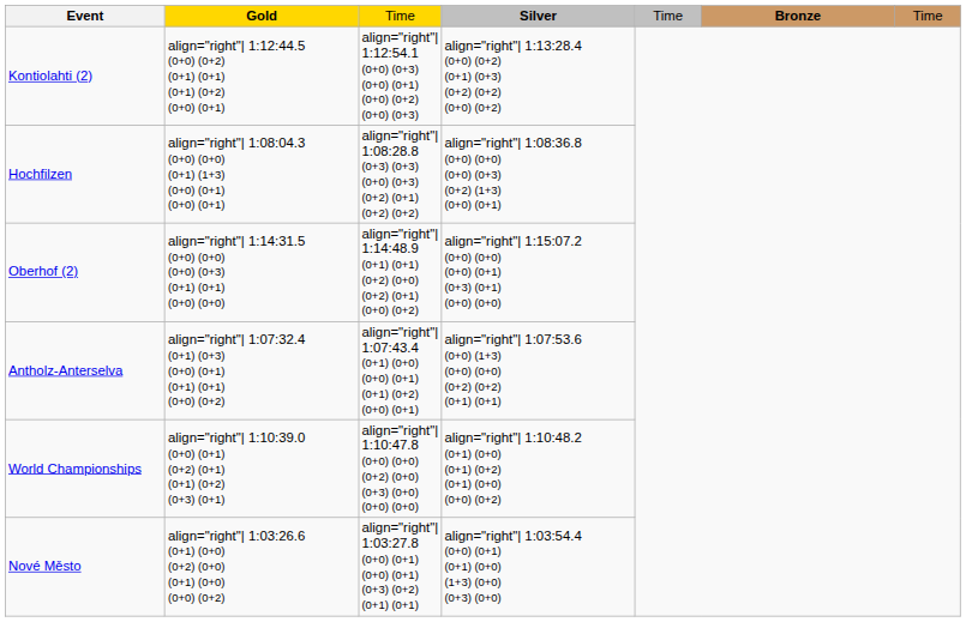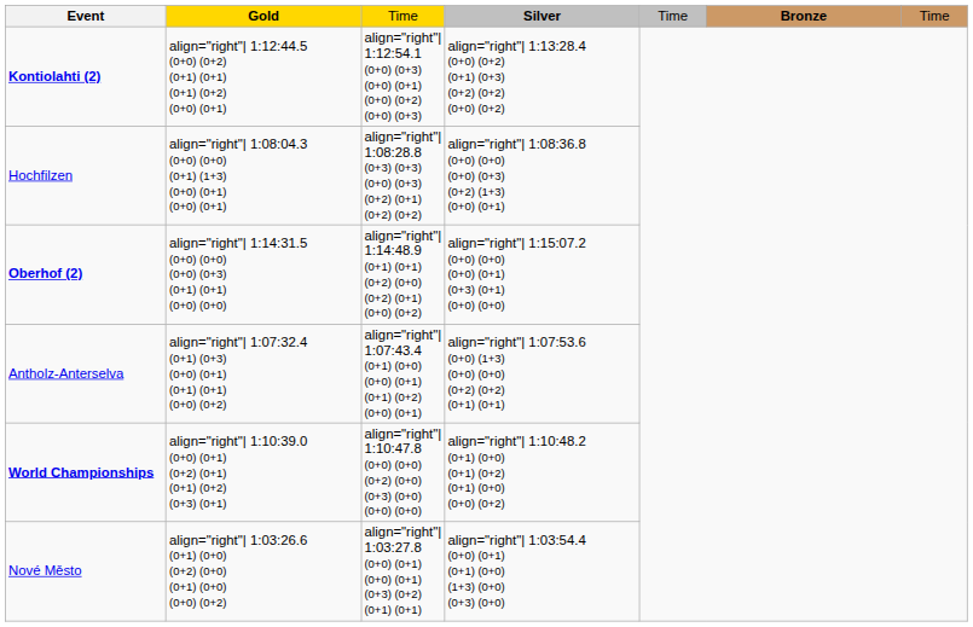 <table class="wikitable">
 <tr>
 <th width="180">Event</th>
 <th width="220" style="background:gold">Gold</th>
 <th width="70" style="background:gold;font-weight:normal">Time</th>
 <th width="220" style="background:silver">Silver</th>
 <th width="70" style="background:silver;font-weight:normal">Time</th>
 <th width="220" style="background:#CC9966">Bronze</th>
 <th width="70" style="background:#CC9966;font-weight:normal">Time</th>
 </tr>
 <tr>
-<td><a href='#'>Kontiolahti (2)</a><br></td>
+<td><strong><a href='#'>Kontiolahti (2)</a><br></strong></td>
 <td>align="right"| 1:12:44.5<small><br>(0+0) (0+2)<br>(0+1) (0+1)<br>(0+1) (0+2)<br>(0+0) (0+1)</small></td>
 <td>align="right"| 1:12:54.1<small><br>(0+0) (0+3)<br>(0+0) (0+1)<br>(0+0) (0+2)<br>(0+0) (0+3)</small></td>
 <td>align="right"| 1:13:28.4<small><br>(0+0) (0+2)<br>(0+1) (0+3)<br>(0+2) (0+2)<br>(0+0) (0+2)</small></td>
 </tr>
 <tr>
 <td><a href='#'>Hochfilzen</a><br></td>
 <td>align="right"| 1:08:04.3<small><br>(0+0) (0+0)<br>(0+1) (1+3)<br>(0+0) (0+1)<br>(0+0) (0+1)</small></td>
 <td>align="right"| 1:08:28.8<small><br>(0+3) (0+3)<br>(0+0) (0+3)<br>(0+2) (0+1)<br>(0+2) (0+2)</small></td>
 <td>align="right"| 1:08:36.8<small><br>(0+0) (0+0)<br>(0+0) (0+3)<br>(0+2) (1+3)<br>(0+0) (0+1)</small></td>
 </tr>
 <tr>
-<td><a href='#'>Oberhof (2)</a><br></td>
+<td><strong><a href='#'>Oberhof (2)</a><br></strong></td>
 <td>align="right"| 1:14:31.5<small><br>(0+0) (0+0)<br>(0+0) (0+3)<br>(0+1) (0+1)<br>(0+0) (0+0)</small></td>
 <td>align="right"| 1:14:48.9<small><br>(0+1) (0+1)<br>(0+2) (0+0)<br>(0+2) (0+1)<br>(0+0) (0+2)</small></td>
 <td>align="right"| 1:15:07.2<small><br>(0+0) (0+0)<br>(0+0) (0+1)<br>(0+3) (0+1)<br>(0+0) (0+0)</small></td>
 </tr>
 <tr>
 <td><a href='#'>Antholz-Anterselva</a><br></td>
 <td>align="right"| 1:07:32.4<small><br>(0+1) (0+3)<br>(0+0) (0+1)<br>(0+1) (0+1)<br>(0+0) (0+2)</small></td>
 <td>align="right"| 1:07:43.4<small><br>(0+1) (0+0)<br>(0+0) (0+1)<br>(0+1) (0+2)<br>(0+0) (0+1)</small></td>
 <td>align="right"| 1:07:53.6<small><br>(0+0) (1+3)<br>(0+0) (0+0)<br>(0+2) (0+2)<br>(0+1) (0+1)</small></td>
 </tr>
 <tr>
-<td><a href='#'>World Championships</a><br></td>
+<td><strong><a href='#'>World Championships</a><br></strong></td>
 <td>align="right"| 1:10:39.0<small><br>(0+0) (0+1)<br>(0+2) (0+1)<br>(0+1) (0+2)<br>(0+3) (0+1)</small></td>
 <td>align="right"| 1:10:47.8<small><br>(0+0) (0+0)<br>(0+2) (0+0)<br>(0+3) (0+0)<br>(0+0) (0+0)</small></td>
 <td>align="right"| 1:10:48.2<small><br>(0+1) (0+0)<br>(0+1) (0+2)<br>(0+1) (0+0)<br>(0+0) (0+2)</small></td>
 </tr>
 <tr>
 <td><a href='#'>Nové Město</a><br></td>
 <td>align="right"| 1:03:26.6<small><br>(0+1) (0+0)<br>(0+2) (0+0)<br>(0+1) (0+0)<br>(0+0) (0+2)</small></td>
 <td>align="right"| 1:03:27.8<small><br>(0+0) (0+1)<br>(0+0) (0+1)<br>(0+3) (0+2)<br>(0+1) (0+1)</small></td>
 <td>align="right"| 1:03:54.4<small><br>(0+0) (0+1)<br>(0+1) (0+0)<br>(1+3) (0+0)<br>(0+3) (0+0)</small></td>
 </tr>
 </table>
